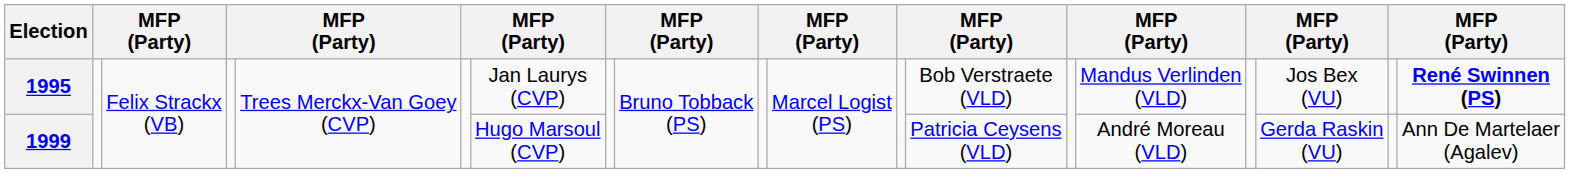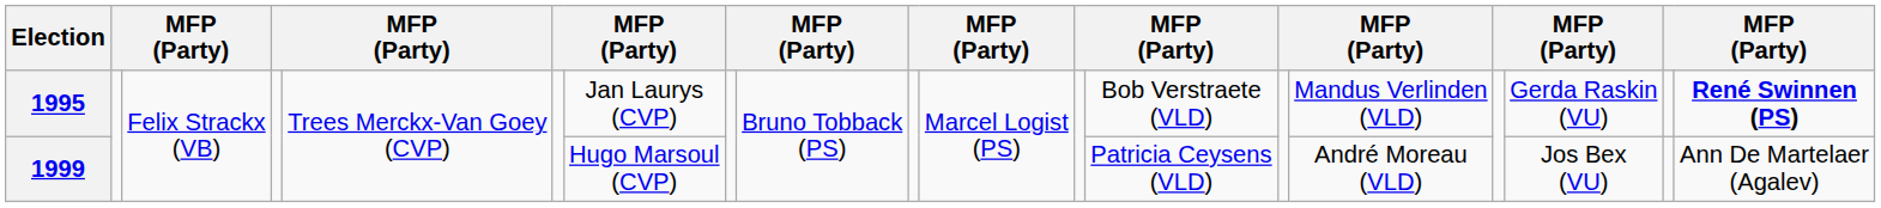 <table class="wikitable" style="text-align:center">
 <tr>
 <th>Election</th>
 <th colspan=2>MFP<br>(Party)</th>
 <th colspan=2>MFP<br>(Party)</th>
 <th colspan=2>MFP<br>(Party)</th>
 <th colspan=2>MFP<br>(Party)</th>
 <th colspan=2>MFP<br>(Party)</th>
 <th colspan=2>MFP<br>(Party)</th>
 <th colspan=2>MFP<br>(Party)</th>
 <th colspan=2>MFP<br>(Party)</th>
 <th colspan=2>MFP<br>(Party)</th>
 </tr>
 <tr>
 <th><a href='#'>1995</a></th>
 <td rowspan=2; style="background-color: "></td>
 <td rowspan=2><a href='#'>Felix Strackx</a><br>(<a href='#'>VB</a>)</td>
 <td rowspan=2; style="background-color: "></td>
 <td rowspan=2><a href='#'>Trees Merckx-Van Goey</a><br>(<a href='#'>CVP</a>)</td>
 <td rowspan=2; style="background-color: "></td>
 <td>Jan Laurys<br>(<a href='#'>CVP</a>)</td>
 <td rowspan=2; style="background-color: "></td>
 <td rowspan=2><a href='#'>Bruno Tobback</a><br>(<a href='#'>PS</a>)</td>
 <td rowspan=2; style="background-color: "></td>
 <td rowspan=2><a href='#'>Marcel Logist</a><br>(<a href='#'>PS</a>)</td>
 <td rowspan=2; style="background-color: "></td>
 <td>Bob Verstraete<br>(<a href='#'>VLD</a>)</td>
 <td rowspan=2; style="background-color: "></td>
 <td><a href='#'>Mandus Verlinden</a><br>(<a href='#'>VLD</a>)</td>
 <td rowspan=2; style="background-color: "></td>
-<td>Jos Bex<br>(<a href='#'>VU</a>)</td>
+<td><a href='#'>Gerda Raskin</a><br>(<a href='#'>VU</a>)</td>
 <td rowspan=1; style="background-color: "></td>
 <td><strong><a href='#'>René Swinnen</a><br>(<a href='#'>PS</a>)</strong></td>
 </tr>
 <tr>
 <th><a href='#'>1999</a></th>
 <td><a href='#'>Hugo Marsoul</a><br>(<a href='#'>CVP</a>)</td>
 <td><a href='#'>Patricia Ceysens</a><br>(<a href='#'>VLD</a>)</td>
 <td>André Moreau<br>(<a href='#'>VLD</a>)</td>
-<td><a href='#'>Gerda Raskin</a><br>(<a href='#'>VU</a>)</td>
+<td>Jos Bex<br>(<a href='#'>VU</a>)</td>
 <td rowspan=1; style="background-color: "></td>
 <td>Ann De Martelaer<br>(Agalev)</td>
 </tr>
 </table>
